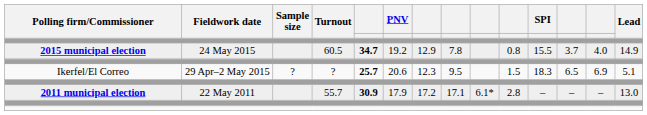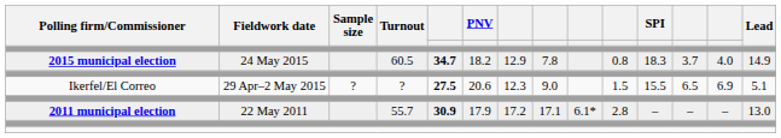 <table class="wikitable collapsible collapsed" style="text-align:center; font-size:95%; line-height:16px;">
 <tr style="height:42px;">
 <th style="width:250px;" rowspan="2">Polling firm/Commissioner</th>
 <th style="width:125px;" rowspan="2">Fieldwork date</th>
 <th style="width:50px;" rowspan="2">Sample size</th>
 <th style="width:45px;" rowspan="2">Turnout</th>
 <th style="width:35px;"></th>
 <th style="width:35px;"><a href='#'>PNV</a></th>
 <th style="width:35px;"></th>
 <th style="width:35px;"></th>
 <th style="width:35px;"></th>
 <th style="width:35px;"></th>
 <th style="width:35px;">SPI</th>
 <th style="width:35px;"></th>
 <th style="width:35px;"></th>
 <th style="width:30px;" rowspan="2">Lead</th>
 </tr>
 <tr>
 <th style="color:inherit;background:"></th>
 <th style="color:inherit;background:"></th>
 <th style="color:inherit;background:"></th>
 <th style="color:inherit;background:"></th>
 <th style="color:inherit;background:"></th>
 <th style="color:inherit;background:"></th>
 <th style="color:inherit;background:"></th>
 <th style="color:inherit;background:"></th>
 <th style="color:inherit;background:"></th>
 </tr>
 <tr>
 <td colspan="14" style="background:#A0A0A0"></td>
 </tr>
 <tr style="background:#EFEFEF;">
 <td><strong><a href='#'>2015 municipal election</a></strong></td>
 <td>24 May 2015</td>
 <td></td>
 <td>60.5</td>
 <td><strong>34.7</strong><br></td>
-<td>19.2<br></td>
+<td>18.2<br></td>
 <td>12.9<br></td>
 <td>7.8<br></td>
 <td></td>
 <td>0.8<br></td>
-<td>15.5<br></td>
+<td>18.3<br></td>
 <td>3.7<br></td>
 <td>4.0<br></td>
 <td style="background:">14.9</td>
 </tr>
 <tr>
 <td colspan="14" style="background:#A0A0A0"></td>
 </tr>
 <tr>
 <td>Ikerfel/El Correo</td>
 <td>29 Apr–2 May 2015</td>
 <td>?</td>
 <td>?</td>
-<td><strong>25.7</strong><br></td>
+<td><strong>27.5</strong><br></td>
 <td>20.6<br></td>
 <td>12.3<br></td>
-<td>9.5<br></td>
+<td>9.0<br></td>
 <td></td>
 <td>1.5<br></td>
-<td>18.3<br></td>
+<td>15.5<br></td>
 <td>6.5<br></td>
 <td>6.9<br></td>
 <td style="background:">5.1</td>
 </tr>
 <tr>
 <td colspan="14" style="background:#A0A0A0"></td>
 </tr>
 <tr style="background:#EFEFEF;">
 <td><strong><a href='#'>2011 municipal election</a></strong></td>
 <td>22 May 2011</td>
 <td></td>
 <td>55.7</td>
 <td><strong>30.9</strong><br></td>
 <td>17.9<br></td>
 <td>17.2<br></td>
 <td>17.1<br></td>
 <td>6.1*<br></td>
 <td>2.8<br></td>
 <td>–</td>
 <td>–</td>
 <td>–</td>
 <td style="background:">13.0</td>
 </tr>
 <tr>
 <td colspan="14" style="background:#A0A0A0"></td>
 </tr>
 <tr>
 <td align="left" colspan="14"></td>
 </tr>
 </table>
